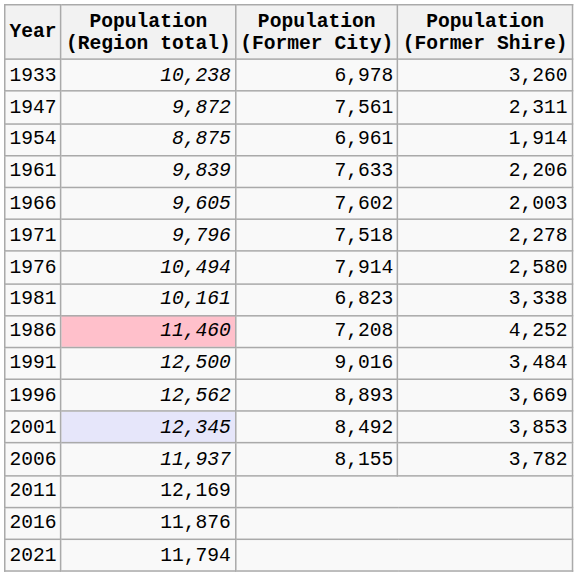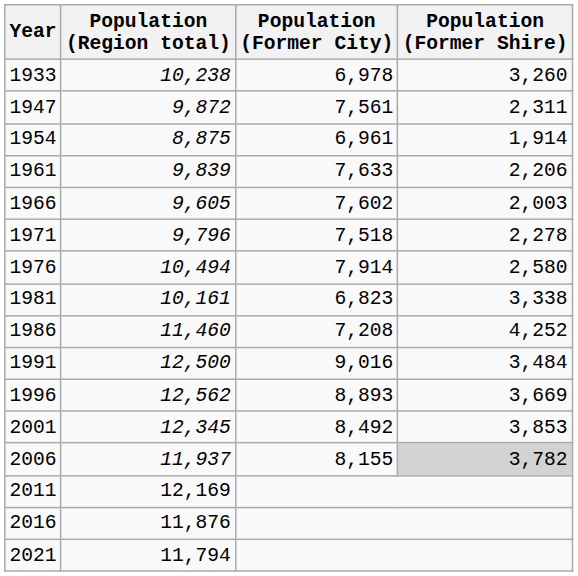 <table class="wikitable" style="text-align:right;">
 <tr>
 <th>Year</th>
 <th>Population<br>(Region total)</th>
 <th>Population<br>(Former City)</th>
 <th>Population<br>(Former Shire)</th>
 </tr>
 <tr>
 <td>1933</td>
 <td><em>10,238</em></td>
 <td>6,978</td>
 <td>3,260</td>
 </tr>
 <tr>
 <td>1947</td>
 <td><em>9,872</em></td>
 <td>7,561</td>
 <td>2,311</td>
 </tr>
 <tr>
 <td>1954</td>
 <td><em>8,875</em></td>
 <td>6,961</td>
 <td>1,914</td>
 </tr>
 <tr>
 <td>1961</td>
 <td><em>9,839</em></td>
 <td>7,633</td>
 <td>2,206</td>
 </tr>
 <tr>
 <td>1966</td>
 <td><em>9,605</em></td>
 <td>7,602</td>
 <td>2,003</td>
 </tr>
 <tr>
 <td>1971</td>
 <td><em>9,796</em></td>
 <td>7,518</td>
 <td>2,278</td>
 </tr>
 <tr>
 <td>1976</td>
 <td><em>10,494</em></td>
 <td>7,914</td>
 <td>2,580</td>
 </tr>
 <tr>
 <td>1981</td>
 <td><em>10,161</em></td>
 <td>6,823</td>
 <td>3,338</td>
 </tr>
 <tr>
 <td>1986</td>
-<td style="background: pink;"><em>11,460</em></td>
+<td><em>11,460</em></td>
 <td>7,208</td>
 <td>4,252</td>
 </tr>
 <tr>
 <td>1991</td>
 <td><em>12,500</em></td>
 <td>9,016</td>
 <td>3,484</td>
 </tr>
 <tr>
 <td>1996</td>
 <td><em>12,562</em></td>
 <td>8,893</td>
 <td>3,669</td>
 </tr>
 <tr>
 <td>2001</td>
-<td style="background: lavender;"><em>12,345</em></td>
+<td><em>12,345</em></td>
 <td>8,492</td>
 <td>3,853</td>
 </tr>
 <tr>
 <td>2006</td>
 <td><em>11,937</em></td>
 <td>8,155</td>
-<td>3,782</td>
+<td style="background: lightgrey;">3,782</td>
 </tr>
 <tr>
 <td>2011</td>
 <td>12,169</td>
 <td colspan=2 style="text-align: left;"></td>
 </tr>
 <tr>
 <td>2016</td>
 <td>11,876</td>
 <td colspan=2 style="text-align: left;"></td>
 </tr>
 <tr>
 <td>2021</td>
 <td>11,794</td>
 <td colspan=2 style="text-align: left;"></td>
 </tr>
 </table>
